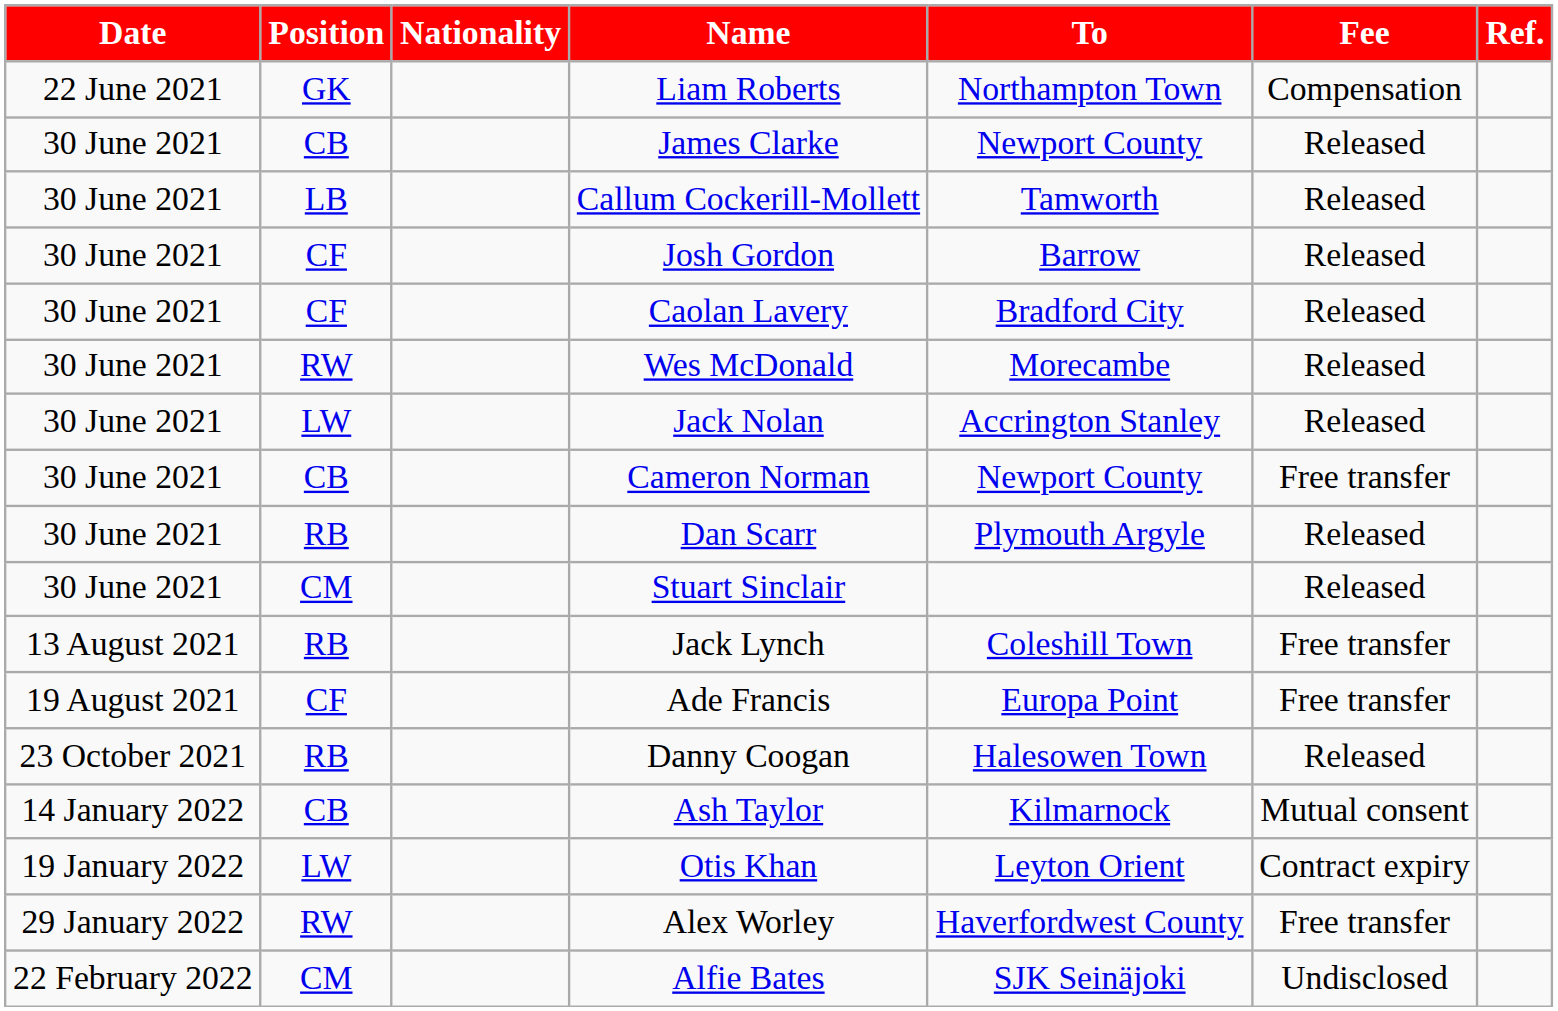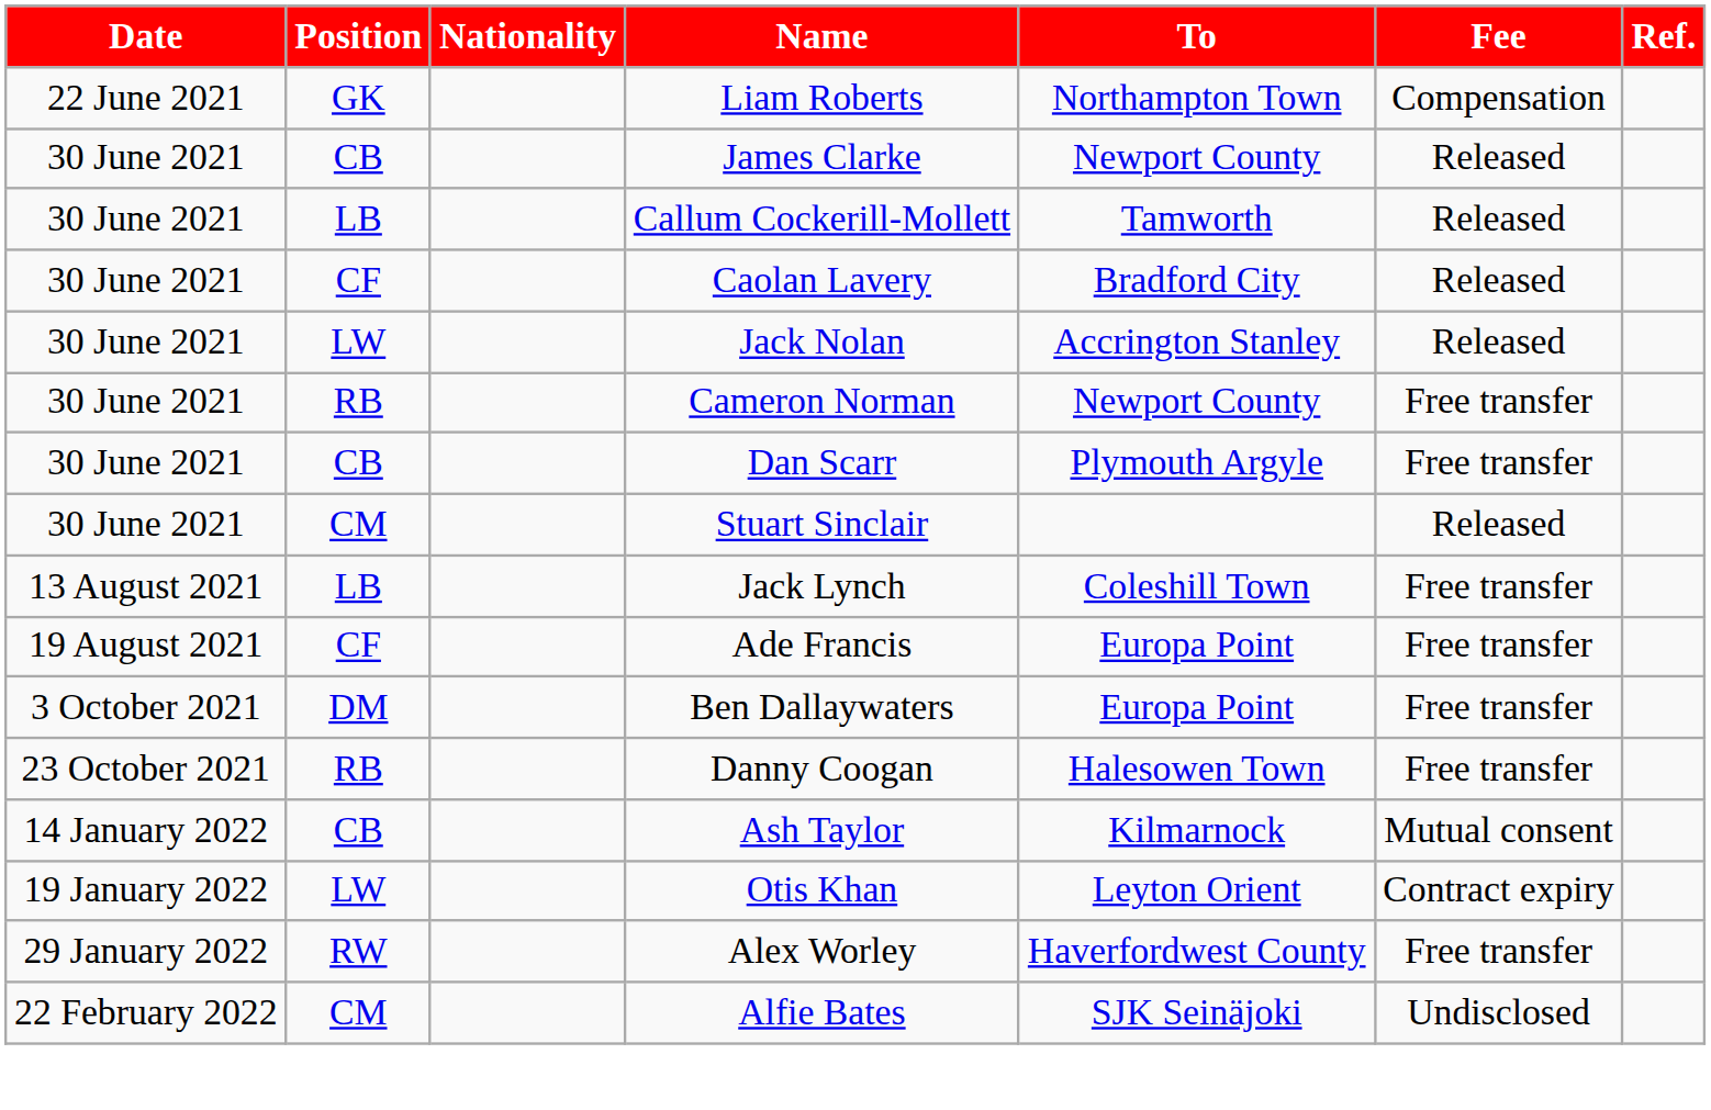 <table class="wikitable"  style="text-align:center; font-size:90%; ">
 <tr>
 <th style="background:red;color:white;">Date</th>
 <th style="background:red;color:white;">Position</th>
 <th style="background:red;color:white;">Nationality</th>
 <th style="background:red;color:white;">Name</th>
 <th style="background:red;color:white;">To</th>
 <th style="background:red;color:white;">Fee</th>
 <th style="background:red;color:white;">Ref.</th>
 </tr>
 <tr>
 <td>22 June 2021</td>
 <td><a href='#'>GK</a></td>
 <td></td>
 <td><a href='#'>Liam Roberts</a></td>
 <td> <a href='#'>Northampton Town</a></td>
 <td>Compensation</td>
 <td></td>
 </tr>
 <tr>
 <td>30 June 2021</td>
 <td><a href='#'>CB</a></td>
 <td></td>
 <td><a href='#'>James Clarke</a></td>
 <td> <a href='#'>Newport County</a></td>
 <td>Released</td>
 <td></td>
 </tr>
 <tr>
 <td>30 June 2021</td>
 <td><a href='#'>LB</a></td>
 <td></td>
 <td><a href='#'>Callum Cockerill-Mollett</a></td>
 <td> <a href='#'>Tamworth</a></td>
 <td>Released</td>
 <td></td>
 </tr>
 <tr>
 <td>30 June 2021</td>
 <td><a href='#'>CF</a></td>
 <td></td>
-<td><a href='#'>Josh Gordon</a></td>
-<td> <a href='#'>Barrow</a></td>
-<td>Released</td>
-<td></td>
-</tr>
-<tr>
-<td>30 June 2021</td>
-<td><a href='#'>CF</a></td>
-<td></td>
 <td><a href='#'>Caolan Lavery</a></td>
 <td> <a href='#'>Bradford City</a></td>
-<td>Released</td>
-<td></td>
-</tr>
-<tr>
-<td>30 June 2021</td>
-<td><a href='#'>RW</a></td>
-<td></td>
-<td><a href='#'>Wes McDonald</a></td>
-<td> <a href='#'>Morecambe</a></td>
 <td>Released</td>
 <td></td>
 </tr>
 <tr>
 <td>30 June 2021</td>
 <td><a href='#'>LW</a></td>
 <td></td>
 <td><a href='#'>Jack Nolan</a></td>
 <td> <a href='#'>Accrington Stanley</a></td>
 <td>Released</td>
 <td></td>
 </tr>
 <tr>
 <td>30 June 2021</td>
-<td><a href='#'>CB</a></td>
+<td><a href='#'>RB</a></td>
 <td></td>
 <td><a href='#'>Cameron Norman</a></td>
 <td> <a href='#'>Newport County</a></td>
 <td>Free transfer</td>
 <td></td>
 </tr>
 <tr>
 <td>30 June 2021</td>
-<td><a href='#'>RB</a></td>
+<td><a href='#'>CB</a></td>
 <td></td>
 <td><a href='#'>Dan Scarr</a></td>
 <td> <a href='#'>Plymouth Argyle</a></td>
-<td>Released</td>
+<td>Free transfer</td>
 <td></td>
 </tr>
 <tr>
 <td>30 June 2021</td>
 <td><a href='#'>CM</a></td>
 <td></td>
 <td><a href='#'>Stuart Sinclair</a></td>
 <td></td>
 <td>Released</td>
 <td></td>
 </tr>
 <tr>
 <td>13 August 2021</td>
-<td><a href='#'>RB</a></td>
+<td><a href='#'>LB</a></td>
 <td></td>
 <td>Jack Lynch</td>
 <td> <a href='#'>Coleshill Town</a></td>
 <td>Free transfer</td>
 <td></td>
 </tr>
 <tr>
 <td>19 August 2021</td>
 <td><a href='#'>CF</a></td>
 <td></td>
 <td>Ade Francis</td>
 <td> <a href='#'>Europa Point</a></td>
 <td>Free transfer</td>
 <td></td>
 </tr>
 <tr>
+<td>3 October 2021</td>
+<td><a href='#'>DM</a></td>
+<td></td>
+<td>Ben Dallaywaters</td>
+<td> <a href='#'>Europa Point</a></td>
+<td>Free transfer</td>
+<td></td>
+</tr>
+<tr>
 <td>23 October 2021</td>
 <td><a href='#'>RB</a></td>
 <td></td>
 <td>Danny Coogan</td>
 <td> <a href='#'>Halesowen Town</a></td>
-<td>Released</td>
+<td>Free transfer</td>
 <td></td>
 </tr>
 <tr>
 <td>14 January 2022</td>
 <td><a href='#'>CB</a></td>
 <td></td>
 <td><a href='#'>Ash Taylor</a></td>
 <td> <a href='#'>Kilmarnock</a></td>
 <td>Mutual consent</td>
 <td></td>
 </tr>
 <tr>
 <td>19 January 2022</td>
 <td><a href='#'>LW</a></td>
 <td></td>
 <td><a href='#'>Otis Khan</a></td>
 <td> <a href='#'>Leyton Orient</a></td>
 <td>Contract expiry</td>
 <td></td>
 </tr>
 <tr>
 <td>29 January 2022</td>
 <td><a href='#'>RW</a></td>
 <td></td>
 <td>Alex Worley</td>
 <td> <a href='#'>Haverfordwest County</a></td>
 <td>Free transfer</td>
 <td></td>
 </tr>
 <tr>
 <td>22 February 2022</td>
 <td><a href='#'>CM</a></td>
 <td></td>
 <td><a href='#'>Alfie Bates</a></td>
 <td> <a href='#'>SJK Seinäjoki</a></td>
 <td>Undisclosed</td>
 <td></td>
 </tr>
 </table>
